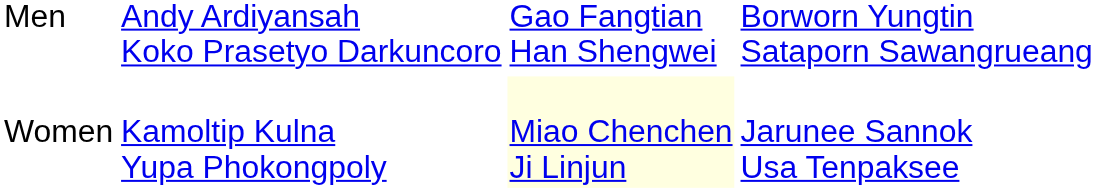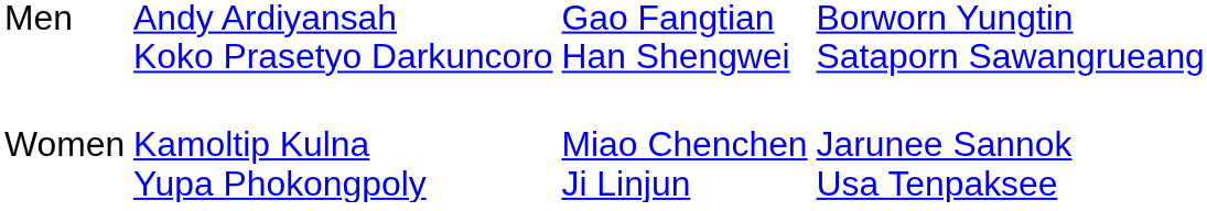 <table>
 <tr>
 <td>Men</td>
 <td><br><a href='#'>Andy Ardiyansah</a><br><a href='#'>Koko Prasetyo Darkuncoro</a></td>
 <td><br><a href='#'>Gao Fangtian</a><br><a href='#'>Han Shengwei</a></td>
 <td><br><a href='#'>Borworn Yungtin</a><br><a href='#'>Sataporn Sawangrueang</a></td>
 </tr>
 <tr>
 <td>Women</td>
 <td><br><a href='#'>Kamoltip Kulna</a><br><a href='#'>Yupa Phokongpoly</a></td>
-<td style="background: lightyellow;"><br><a href='#'>Miao Chenchen</a><br><a href='#'>Ji Linjun</a></td>
+<td><br><a href='#'>Miao Chenchen</a><br><a href='#'>Ji Linjun</a></td>
 <td><br><a href='#'>Jarunee Sannok</a><br><a href='#'>Usa Tenpaksee</a></td>
 </tr>
 </table>
